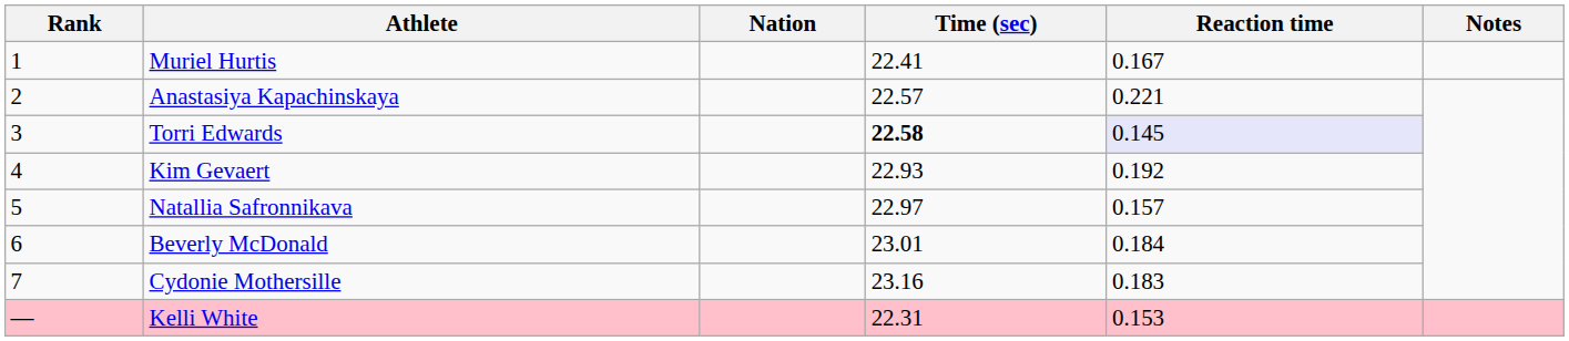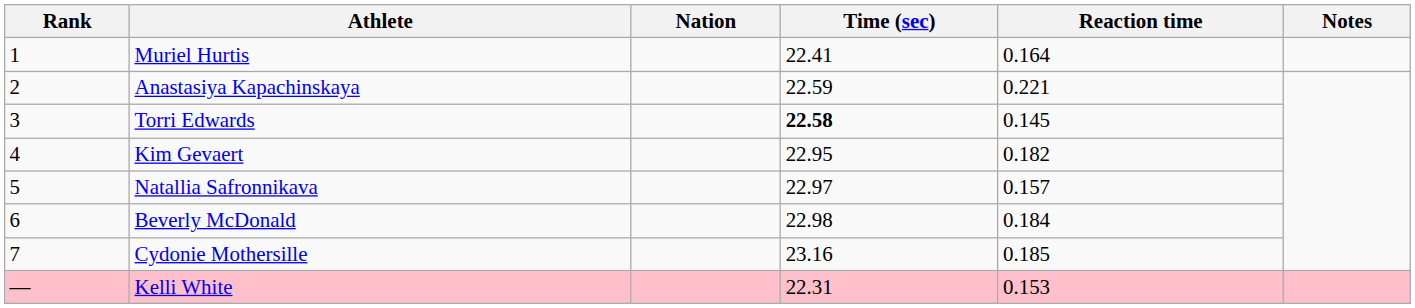 <table class="wikitable" style="text=align:center;" width=85%>
 <tr>
 <th>Rank</th>
 <th>Athlete</th>
 <th>Nation</th>
 <th>Time (<a href='#'>sec</a>)</th>
 <th>Reaction time</th>
 <th>Notes</th>
 </tr>
 <tr>
 <td>1</td>
 <td><a href='#'>Muriel Hurtis</a></td>
 <td></td>
 <td>22.41</td>
-<td>0.167</td>
+<td>0.164</td>
 <td></td>
 </tr>
 <tr>
 <td>2</td>
 <td><a href='#'>Anastasiya Kapachinskaya</a></td>
 <td></td>
-<td>22.57</td>
+<td>22.59</td>
 <td>0.221</td>
 </tr>
 <tr>
 <td>3</td>
 <td><a href='#'>Torri Edwards</a></td>
 <td></td>
 <td><strong>22.58</strong></td>
-<td style="background: lavender;">0.145</td>
+<td>0.145</td>
 </tr>
 <tr>
 <td>4</td>
 <td><a href='#'>Kim Gevaert</a></td>
 <td></td>
-<td>22.93</td>
-<td>0.192</td>
+<td>22.95</td>
+<td>0.182</td>
 </tr>
 <tr>
 <td>5</td>
 <td><a href='#'>Natallia Safronnikava</a></td>
 <td></td>
 <td>22.97</td>
 <td>0.157</td>
 </tr>
 <tr>
 <td>6</td>
 <td><a href='#'>Beverly McDonald</a></td>
 <td></td>
-<td>23.01</td>
+<td>22.98</td>
 <td>0.184</td>
 </tr>
 <tr>
 <td>7</td>
 <td><a href='#'>Cydonie Mothersille</a></td>
 <td></td>
 <td>23.16</td>
-<td>0.183</td>
+<td>0.185</td>
 </tr>
 <tr bgcolor=pink>
 <td>—</td>
 <td><a href='#'>Kelli White</a></td>
 <td></td>
 <td>22.31</td>
 <td>0.153</td>
 <td></td>
 </tr>
 </table>
